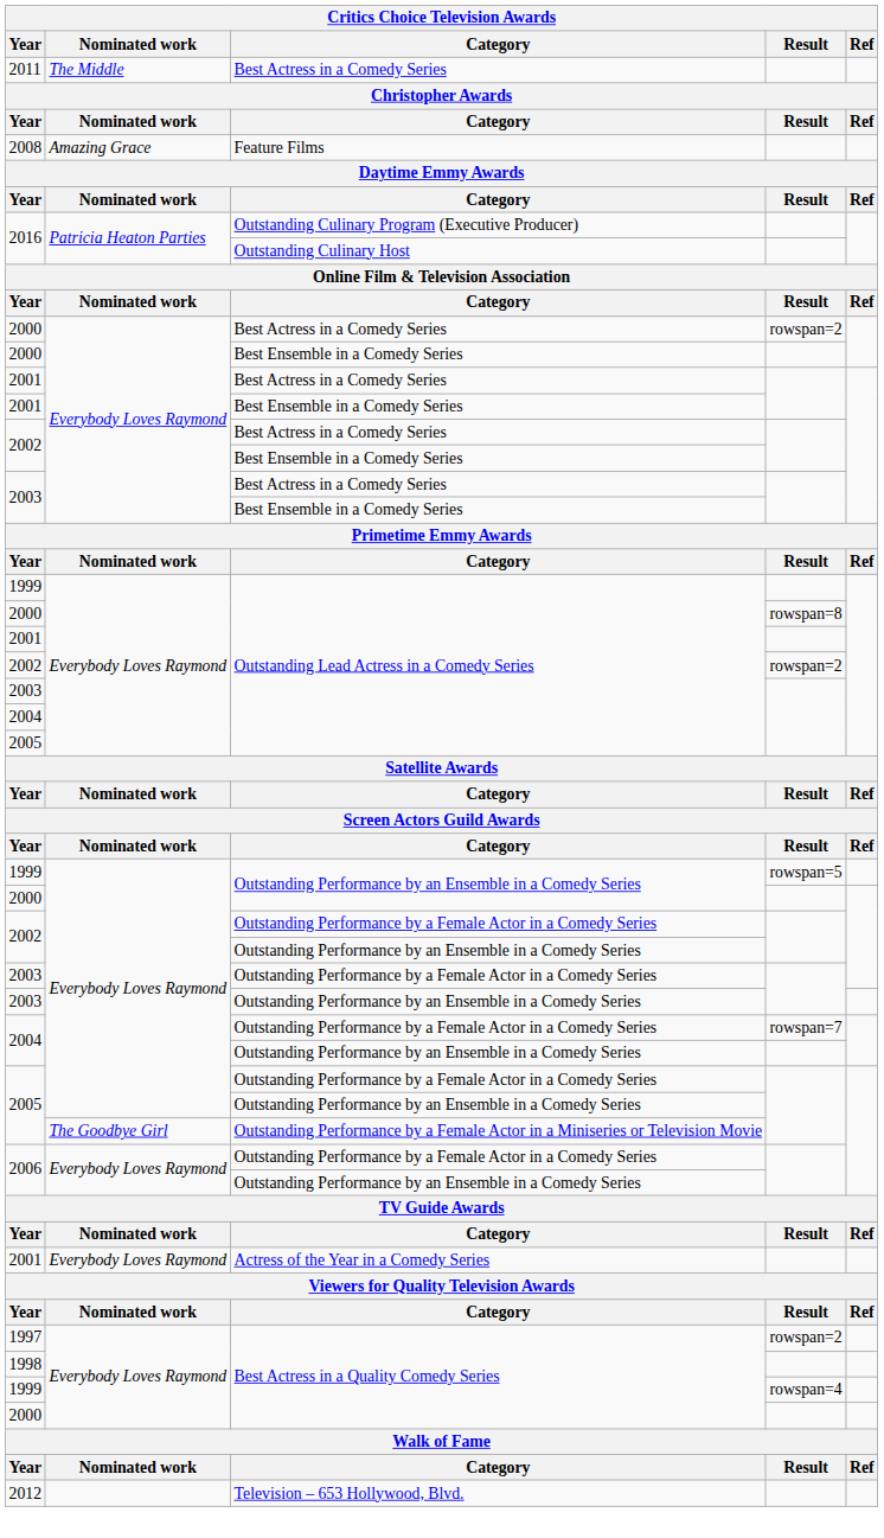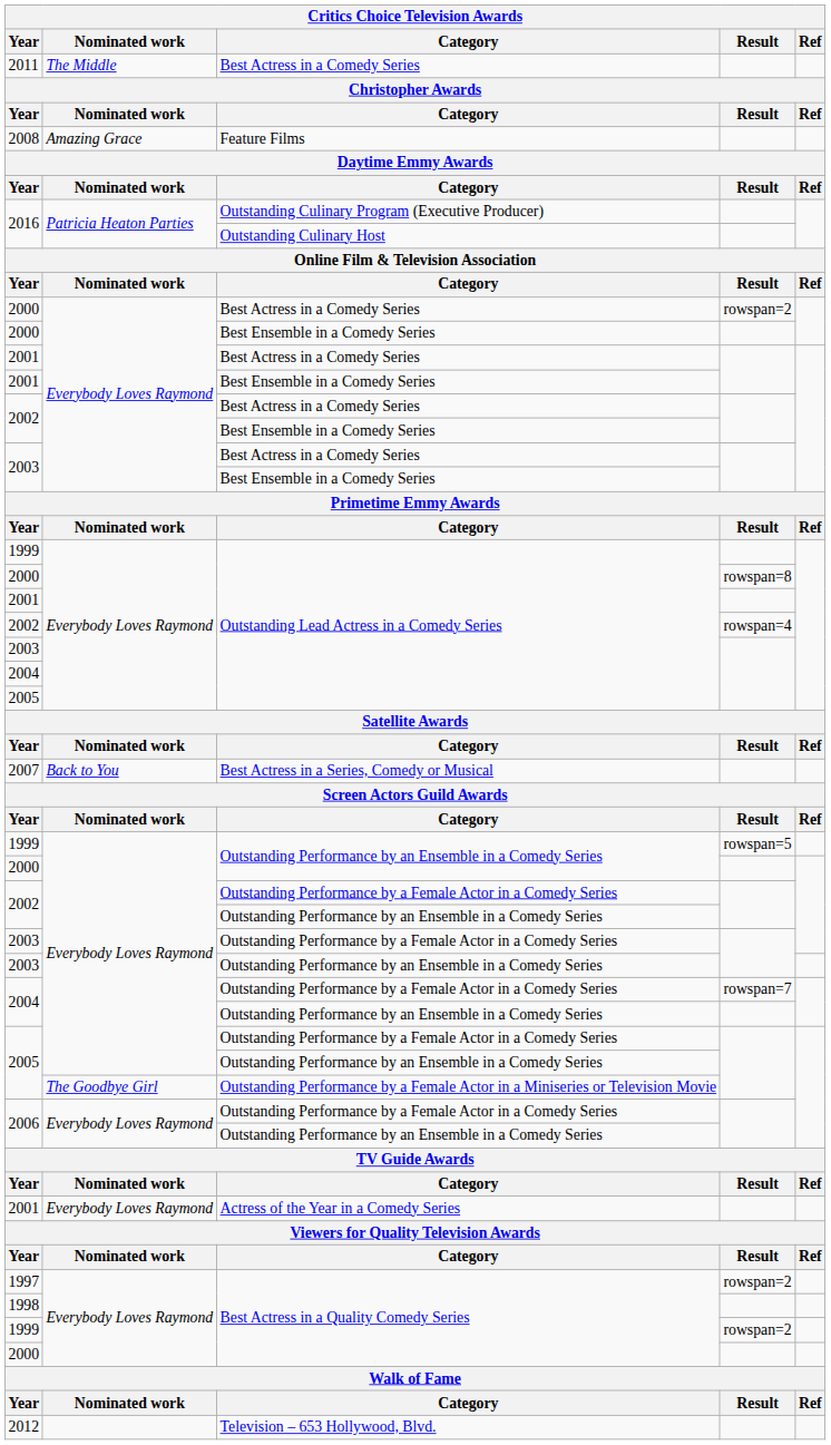 <table class="wikitable">
 <tr>
 <th colspan=5><a href='#'>Critics Choice Television Awards</a></th>
 </tr>
 <tr>
 <th>Year</th>
 <th>Nominated work</th>
 <th>Category</th>
 <th>Result</th>
 <th>Ref</th>
 </tr>
 <tr>
 <td>2011</td>
 <td><em><a href='#'>The Middle</a></em></td>
 <td><a href='#'>Best Actress in a Comedy Series</a></td>
 <td></td>
 <td></td>
 </tr>
 <tr>
 <th colspan=5><a href='#'>Christopher Awards</a></th>
 </tr>
 <tr>
 <th>Year</th>
 <th>Nominated work</th>
 <th>Category</th>
 <th>Result</th>
 <th>Ref</th>
 </tr>
 <tr>
 <td>2008</td>
 <td><em>Amazing Grace</em></td>
 <td>Feature Films</td>
 <td></td>
 <td></td>
 </tr>
 <tr>
 <th colspan=5><a href='#'>Daytime Emmy Awards</a></th>
 </tr>
 <tr>
 <th>Year</th>
 <th>Nominated work</th>
 <th>Category</th>
 <th>Result</th>
 <th>Ref</th>
 </tr>
 <tr>
 <td rowspan=2>2016</td>
 <td rowspan=2><em><a href='#'>Patricia Heaton Parties</a></em></td>
 <td><a href='#'>Outstanding Culinary Program</a> (Executive Producer)</td>
 <td></td>
 <td rowspan=2></td>
 </tr>
 <tr>
 <td><a href='#'>Outstanding Culinary Host</a></td>
 <td></td>
 </tr>
 <tr>
 <th colspan=5>Online Film & Television Association</th>
 </tr>
 <tr>
 <th>Year</th>
 <th>Nominated work</th>
 <th>Category</th>
 <th>Result</th>
 <th>Ref</th>
 </tr>
 <tr>
 <td>2000</td>
 <td rowspan=8><em><a href='#'>Everybody Loves Raymond</a></em></td>
 <td>Best Actress in a Comedy Series</td>
 <td>rowspan=2 </td>
 <td rowspan=2></td>
 </tr>
 <tr>
 <td>2000</td>
 <td>Best Ensemble in a Comedy Series</td>
 </tr>
 <tr>
 <td>2001</td>
 <td>Best Actress in a Comedy Series</td>
 <td rowspan=2></td>
 </tr>
 <tr>
 <td>2001</td>
 <td>Best Ensemble in a Comedy Series</td>
 </tr>
 <tr>
 <td rowspan=2>2002</td>
 <td>Best Actress in a Comedy Series</td>
 <td rowspan=2></td>
 </tr>
 <tr>
 <td>Best Ensemble in a Comedy Series</td>
 </tr>
 <tr>
 <td rowspan=2>2003</td>
 <td>Best Actress in a Comedy Series</td>
 <td rowspan=2></td>
 </tr>
 <tr>
 <td>Best Ensemble in a Comedy Series</td>
 </tr>
 <tr>
 <th colspan=5><a href='#'>Primetime Emmy Awards</a></th>
 </tr>
 <tr>
 <th>Year</th>
 <th>Nominated work</th>
 <th>Category</th>
 <th>Result</th>
 <th>Ref</th>
 </tr>
 <tr>
 <td>1999</td>
 <td rowspan=7><em>Everybody Loves Raymond</em></td>
 <td rowspan=7><a href='#'>Outstanding Lead Actress in a Comedy Series</a></td>
 <td></td>
 <td rowspan=7></td>
 </tr>
 <tr>
 <td>2000</td>
 <td>rowspan=8 </td>
 </tr>
 <tr>
 <td>2001</td>
 </tr>
 <tr>
 <td>2002</td>
-<td>rowspan=2 </td>
+<td>rowspan=4 </td>
 </tr>
 <tr>
 <td>2003</td>
 </tr>
 <tr>
 <td>2004</td>
 </tr>
 <tr>
 <td>2005</td>
 </tr>
 <tr>
 <th colspan=5><a href='#'>Satellite Awards</a></th>
 </tr>
 <tr>
 <th>Year</th>
 <th>Nominated work</th>
 <th>Category</th>
 <th>Result</th>
 <th>Ref</th>
+</tr>
+<tr>
+<td>2007</td>
+<td><em><a href='#'>Back to You</a></em></td>
+<td><a href='#'>Best Actress in a Series, Comedy or Musical</a></td>
+<td></td>
+<td></td>
 </tr>
 <tr>
 <th colspan=5><a href='#'>Screen Actors Guild Awards</a></th>
 </tr>
 <tr>
 <th>Year</th>
 <th>Nominated work</th>
 <th>Category</th>
 <th>Result</th>
 <th>Ref</th>
 </tr>
 <tr>
 <td>1999</td>
 <td rowspan=10><em>Everybody Loves Raymond</em></td>
 <td rowspan=2><a href='#'>Outstanding Performance by an Ensemble in a Comedy Series</a></td>
 <td>rowspan=5 </td>
 <td></td>
 </tr>
 <tr>
 <td>2000</td>
 <td></td>
 </tr>
 <tr>
 <td rowspan=2>2002</td>
 <td><a href='#'>Outstanding Performance by a Female Actor in a Comedy Series</a></td>
 <td rowspan=2></td>
 </tr>
 <tr>
 <td>Outstanding Performance by an Ensemble in a Comedy Series</td>
 </tr>
 <tr>
 <td>2003</td>
 <td>Outstanding Performance by a Female Actor in a Comedy Series</td>
 <td rowspan=2></td>
 </tr>
 <tr>
 <td>2003</td>
 <td>Outstanding Performance by an Ensemble in a Comedy Series</td>
 <td></td>
 </tr>
 <tr>
 <td rowspan=2>2004</td>
 <td>Outstanding Performance by a Female Actor in a Comedy Series</td>
 <td>rowspan=7 </td>
 <td rowspan=2></td>
 </tr>
 <tr>
 <td>Outstanding Performance by an Ensemble in a Comedy Series</td>
 </tr>
 <tr>
 <td rowspan=3>2005</td>
 <td>Outstanding Performance by a Female Actor in a Comedy Series</td>
 <td rowspan=3></td>
 </tr>
 <tr>
 <td>Outstanding Performance by an Ensemble in a Comedy Series</td>
 </tr>
 <tr>
 <td><em><a href='#'>The Goodbye Girl</a></em></td>
 <td><a href='#'>Outstanding Performance by a Female Actor in a Miniseries or Television Movie</a></td>
 </tr>
 <tr>
 <td rowspan=2>2006</td>
 <td rowspan=2><em>Everybody Loves Raymond</em></td>
 <td>Outstanding Performance by a Female Actor in a Comedy Series</td>
 <td rowspan=2></td>
 </tr>
 <tr>
 <td>Outstanding Performance by an Ensemble in a Comedy Series</td>
 </tr>
 <tr>
 <th colspan=5><a href='#'>TV Guide Awards</a></th>
 </tr>
 <tr>
 <th>Year</th>
 <th>Nominated work</th>
 <th>Category</th>
 <th>Result</th>
 <th>Ref</th>
 </tr>
 <tr>
 <td>2001</td>
 <td><em>Everybody Loves Raymond</em></td>
 <td><a href='#'>Actress of the Year in a Comedy Series</a></td>
 <td></td>
 <td></td>
 </tr>
 <tr>
 <th colspan=5><a href='#'>Viewers for Quality Television Awards</a></th>
 </tr>
 <tr>
 <th>Year</th>
 <th>Nominated work</th>
 <th>Category</th>
 <th>Result</th>
 <th>Ref</th>
 </tr>
 <tr>
 <td>1997</td>
 <td rowspan=4><em>Everybody Loves Raymond</em></td>
 <td rowspan=4><a href='#'>Best Actress in a Quality Comedy Series</a></td>
 <td>rowspan=2 </td>
 <td></td>
 </tr>
 <tr>
 <td>1998</td>
 <td></td>
 </tr>
 <tr>
 <td>1999</td>
-<td>rowspan=4 </td>
+<td>rowspan=2 </td>
 <td></td>
 </tr>
 <tr>
 <td>2000</td>
 <td></td>
 </tr>
 <tr>
 <th colspan=5><a href='#'>Walk of Fame</a></th>
 </tr>
 <tr>
 <th>Year</th>
 <th>Nominated work</th>
 <th>Category</th>
 <th>Result</th>
 <th>Ref</th>
 </tr>
 <tr>
 <td>2012</td>
 <td></td>
 <td><a href='#'>Television – 653 Hollywood, Blvd.</a></td>
 <td></td>
 <td></td>
 </tr>
 </table>
